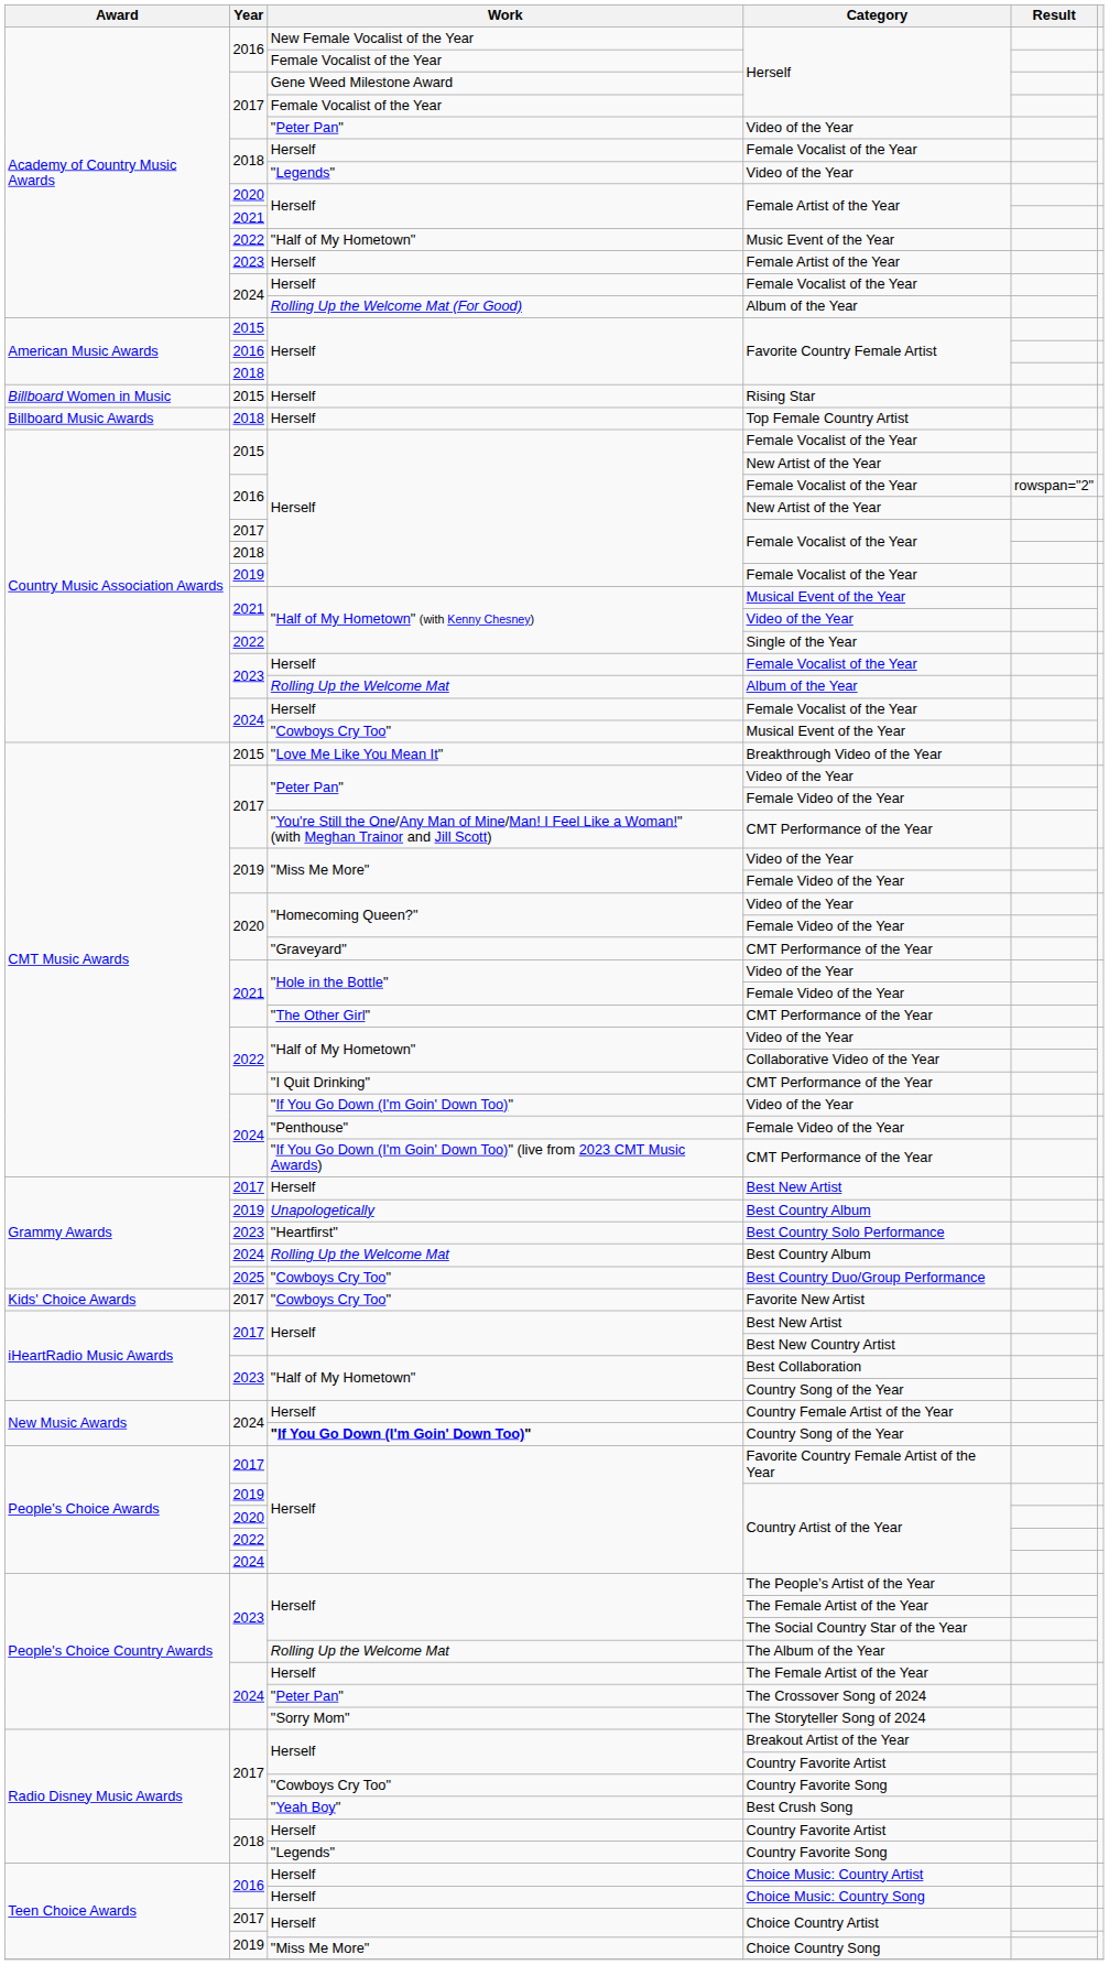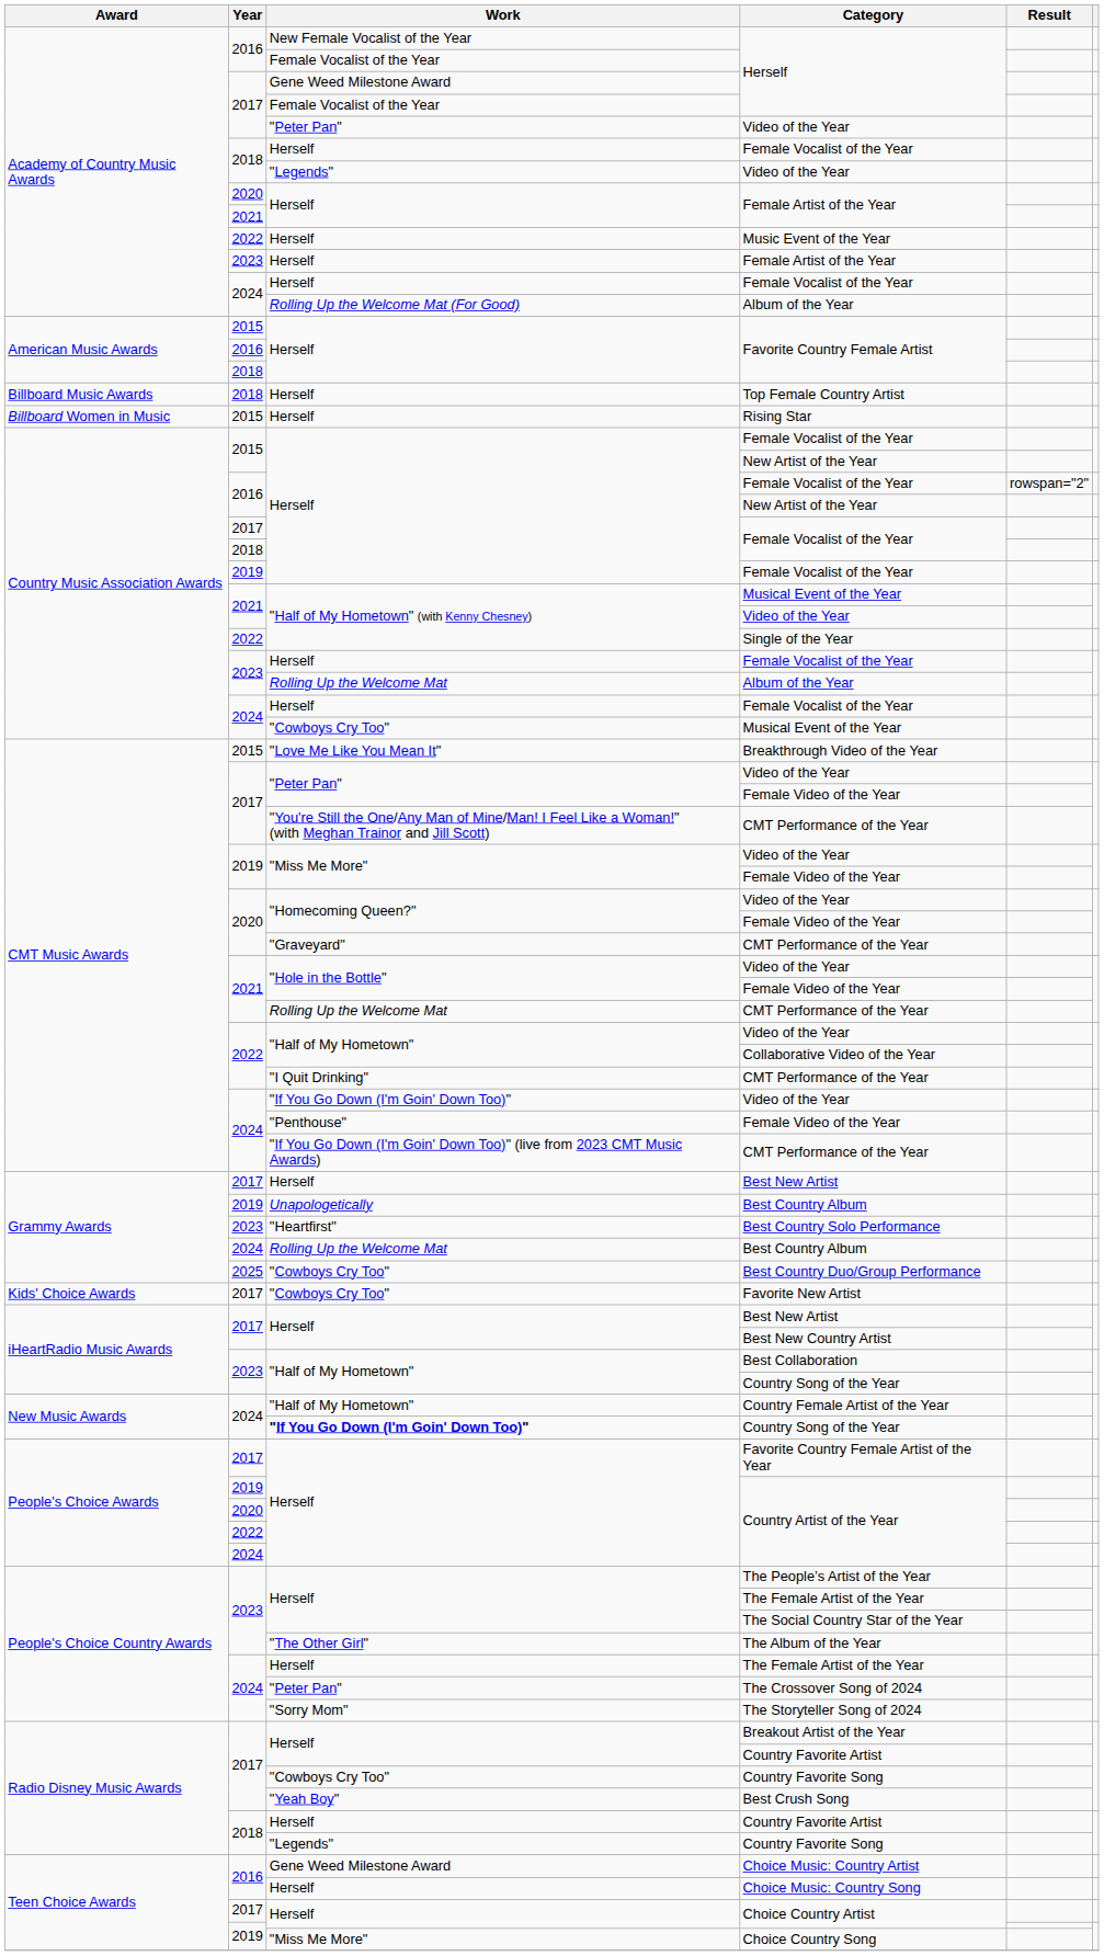 <table class="wikitable sortable">
 <tr>
 <th scope="col">Award</th>
 <th scope="col">Year</th>
 <th scope="col">Work</th>
 <th scope="col">Category</th>
 <th scope="col">Result</th>
 <th scope="col"></th>
 </tr>
 <tr>
 <td rowspan="13"><a href='#'>Academy of Country Music Awards</a></td>
 <td rowspan="2">2016</td>
 <td>New Female Vocalist of the Year</td>
 <td rowspan="4">Herself</td>
 <td></td>
 <td></td>
 </tr>
 <tr>
 <td>Female Vocalist of the Year</td>
 <td></td>
 <td></td>
 </tr>
 <tr>
 <td rowspan=3>2017</td>
 <td>Gene Weed Milestone Award</td>
 <td></td>
 <td></td>
 </tr>
 <tr>
 <td>Female Vocalist of the Year</td>
 <td></td>
 <td rowspan=2></td>
 </tr>
 <tr>
 <td>"<a href='#'>Peter Pan</a>"</td>
 <td>Video of the Year</td>
 <td></td>
 </tr>
 <tr>
 <td rowspan="2">2018</td>
 <td>Herself</td>
 <td>Female Vocalist of the Year</td>
 <td></td>
 <td rowspan="2"></td>
 </tr>
 <tr>
 <td>"<a href='#'>Legends</a>"</td>
 <td>Video of the Year</td>
 <td></td>
 </tr>
 <tr>
 <td><a href='#'>2020</a></td>
 <td rowspan="2">Herself</td>
 <td rowspan="2">Female Artist of the Year</td>
 <td></td>
 <td></td>
 </tr>
 <tr>
 <td><a href='#'>2021</a></td>
 <td></td>
 <td></td>
 </tr>
 <tr>
 <td><a href='#'>2022</a></td>
-<td>"Half of My Hometown" </td>
+<td>Herself</td>
 <td>Music Event of the Year</td>
 <td></td>
 <td></td>
 </tr>
 <tr>
 <td><a href='#'>2023</a></td>
 <td>Herself</td>
 <td>Female Artist of the Year</td>
 <td></td>
 <td></td>
 </tr>
 <tr>
 <td rowspan="2">2024</td>
 <td>Herself</td>
 <td>Female Vocalist of the Year</td>
 <td></td>
 <td rowspan="2"></td>
 </tr>
 <tr>
 <td><em><a href='#'>Rolling Up the Welcome Mat (For Good)</a></em></td>
 <td>Album of the Year</td>
 <td></td>
 </tr>
 <tr>
 <td rowspan="3"><a href='#'>American Music Awards</a></td>
 <td><a href='#'>2015</a></td>
 <td rowspan="3">Herself</td>
 <td rowspan="3">Favorite Country Female Artist</td>
 <td></td>
 <td></td>
 </tr>
 <tr>
 <td><a href='#'>2016</a></td>
 <td></td>
 <td></td>
 </tr>
 <tr>
 <td><a href='#'>2018</a></td>
 <td></td>
 <td></td>
 </tr>
 <tr>
+<td><a href='#'>Billboard Music Awards</a></td>
+<td><a href='#'>2018</a></td>
+<td>Herself</td>
+<td>Top Female Country Artist</td>
+<td></td>
+<td></td>
+</tr>
+<tr>
 <td><a href='#'><em>Billboard</em> Women in Music</a></td>
 <td>2015</td>
 <td>Herself</td>
 <td>Rising Star</td>
-<td></td>
-<td></td>
-</tr>
-<tr>
-<td><a href='#'>Billboard Music Awards</a></td>
-<td><a href='#'>2018</a></td>
-<td>Herself</td>
-<td>Top Female Country Artist</td>
 <td></td>
 <td></td>
 </tr>
 <tr>
 <td rowspan="14"><a href='#'>Country Music Association Awards</a></td>
 <td rowspan="2">2015</td>
 <td rowspan="7">Herself</td>
 <td>Female Vocalist of the Year</td>
 <td></td>
 <td rowspan="2"></td>
 </tr>
 <tr>
 <td>New Artist of the Year</td>
 <td></td>
 </tr>
 <tr>
 <td rowspan="2">2016</td>
 <td>Female Vocalist of the Year</td>
 <td>rowspan="2" </td>
 <td></td>
 </tr>
 <tr>
 <td>New Artist of the Year</td>
 <td></td>
 </tr>
 <tr>
 <td>2017</td>
 <td rowspan="2">Female Vocalist of the Year</td>
 <td></td>
 <td></td>
 </tr>
 <tr>
 <td>2018</td>
 <td></td>
 <td></td>
 </tr>
 <tr>
 <td><a href='#'>2019</a></td>
 <td>Female Vocalist of the Year</td>
 <td></td>
 <td></td>
 </tr>
 <tr>
 <td rowspan="2"><a href='#'>2021</a></td>
 <td rowspan="3">"<a href='#'>Half of My Hometown</a>" <small>(with <a href='#'>Kenny Chesney</a>)</small></td>
 <td><a href='#'>Musical Event of the Year</a></td>
 <td></td>
 <td rowspan="2"></td>
 </tr>
 <tr>
 <td><a href='#'>Video of the Year</a></td>
 <td></td>
 </tr>
 <tr>
 <td rowspan="1"><a href='#'>2022</a></td>
 <td>Single of the Year</td>
 <td></td>
 <td></td>
 </tr>
 <tr>
 <td rowspan=2><a href='#'>2023</a></td>
 <td>Herself</td>
 <td><a href='#'>Female Vocalist of the Year</a></td>
 <td></td>
 <td rowspan=2></td>
 </tr>
 <tr>
 <td><em><a href='#'>Rolling Up the Welcome Mat</a></em></td>
 <td><a href='#'>Album of the Year</a></td>
 <td></td>
 </tr>
 <tr>
 <td rowspan="2"><a href='#'>2024</a></td>
 <td>Herself</td>
 <td>Female Vocalist of the Year</td>
 <td></td>
 <td rowspan="2"></td>
 </tr>
 <tr>
 <td>"<a href='#'>Cowboys Cry Too</a>"</td>
 <td>Musical Event of the Year</td>
 <td></td>
 </tr>
 <tr>
 <td rowspan=18><a href='#'>CMT Music Awards</a></td>
 <td>2015</td>
 <td>"<a href='#'>Love Me Like You Mean It</a>"</td>
 <td>Breakthrough Video of the Year</td>
 <td></td>
 <td></td>
 </tr>
 <tr>
 <td rowspan=3>2017</td>
 <td rowspan=2>"<a href='#'>Peter Pan</a>"</td>
 <td>Video of the Year</td>
 <td></td>
 <td rowspan=3></td>
 </tr>
 <tr>
 <td>Female Video of the Year</td>
 <td></td>
 </tr>
 <tr>
 <td>"<a href='#'>You're Still the One</a>/<a href='#'>Any Man of Mine</a>/<a href='#'>Man! I Feel Like a Woman!</a>" <br><span>(with <a href='#'>Meghan Trainor</a> and <a href='#'>Jill Scott</a>)</span></td>
 <td>CMT Performance of the Year</td>
 <td></td>
 </tr>
 <tr>
 <td rowspan="2">2019</td>
 <td rowspan="2">"Miss Me More"</td>
 <td>Video of the Year</td>
 <td></td>
 <td rowspan="2"></td>
 </tr>
 <tr>
 <td>Female Video of the Year</td>
 <td></td>
 </tr>
 <tr>
 <td rowspan="3">2020</td>
 <td rowspan="2">"Homecoming Queen?"</td>
 <td>Video of the Year</td>
 <td></td>
 <td rowspan="3"></td>
 </tr>
 <tr>
 <td>Female Video of the Year</td>
 <td></td>
 </tr>
 <tr>
 <td>"Graveyard"</td>
 <td>CMT Performance of the Year</td>
 <td></td>
 </tr>
 <tr>
 <td rowspan="3"><a href='#'>2021</a></td>
 <td rowspan="2">"<a href='#'>Hole in the Bottle</a>"</td>
 <td>Video of the Year</td>
 <td></td>
 <td rowspan="3"></td>
 </tr>
 <tr>
 <td>Female Video of the Year</td>
 <td></td>
 </tr>
 <tr>
-<td>"<a href='#'>The Other Girl</a>" </td>
+<td><em>Rolling Up the Welcome Mat</em></td>
 <td>CMT Performance of the Year</td>
 <td></td>
 </tr>
 <tr>
 <td rowspan="3"><a href='#'>2022</a></td>
 <td rowspan="2">"Half of My Hometown" </td>
 <td>Video of the Year</td>
 <td></td>
 <td rowspan="3"></td>
 </tr>
 <tr>
 <td>Collaborative Video of the Year</td>
 <td></td>
 </tr>
 <tr>
 <td>"I Quit Drinking" </td>
 <td>CMT Performance of the Year</td>
 <td></td>
 </tr>
 <tr>
 <td rowspan="3"><a href='#'>2024</a></td>
 <td>"<a href='#'>If You Go Down (I'm Goin' Down Too)</a>"</td>
 <td>Video of the Year</td>
 <td></td>
 <td></td>
 </tr>
 <tr>
 <td>"Penthouse"</td>
 <td>Female Video of the Year</td>
 <td></td>
 </tr>
 <tr>
 <td>"<a href='#'>If You Go Down (I'm Goin' Down Too)</a>" (live from <a href='#'>2023 CMT Music Awards</a>)</td>
 <td>CMT Performance of the Year</td>
 <td></td>
 </tr>
 <tr>
 <td rowspan=5><a href='#'>Grammy Awards</a></td>
 <td><a href='#'>2017</a></td>
 <td>Herself</td>
 <td><a href='#'>Best New Artist</a></td>
 <td></td>
 <td></td>
 </tr>
 <tr>
 <td><a href='#'>2019</a></td>
 <td><em><a href='#'>Unapologetically</a></em></td>
 <td><a href='#'>Best Country Album</a></td>
 <td></td>
 <td></td>
 </tr>
 <tr>
 <td><a href='#'>2023</a></td>
 <td>"Heartfirst"</td>
 <td><a href='#'>Best Country Solo Performance</a></td>
 <td></td>
 <td></td>
 </tr>
 <tr>
 <td><a href='#'>2024</a></td>
 <td><em><a href='#'>Rolling Up the Welcome Mat</a></em></td>
 <td>Best Country Album</td>
 <td></td>
 <td></td>
 </tr>
 <tr>
 <td><a href='#'>2025</a></td>
 <td>"<a href='#'>Cowboys Cry Too</a>" </td>
 <td><a href='#'>Best Country Duo/Group Performance</a></td>
 <td></td>
 <td></td>
 </tr>
 <tr>
 <td><a href='#'>Kids' Choice Awards</a></td>
 <td>2017</td>
 <td>"<a href='#'>Cowboys Cry Too</a>"</td>
 <td>Favorite New Artist</td>
 <td></td>
 <td></td>
 </tr>
 <tr>
 <td rowspan=4><a href='#'>iHeartRadio Music Awards</a></td>
 <td rowspan=2><a href='#'>2017</a></td>
 <td rowspan=2>Herself</td>
 <td>Best New Artist</td>
 <td></td>
 <td rowspan=2></td>
 </tr>
 <tr>
 <td>Best New Country Artist</td>
 <td></td>
 </tr>
 <tr>
 <td rowspan=2><a href='#'>2023</a></td>
 <td rowspan=2>"Half of My Hometown" </td>
 <td>Best Collaboration</td>
 <td></td>
 <td rowspan=2></td>
 </tr>
 <tr>
 <td>Country Song of the Year</td>
 <td></td>
 </tr>
 <tr>
 <td rowspan="2"><a href='#'>New Music Awards</a></td>
 <td rowspan="2">2024</td>
-<td>Herself</td>
+<td>"Half of My Hometown" </td>
 <td>Country Female Artist of the Year</td>
 <td></td>
 <td rowspan="2"></td>
 </tr>
 <tr>
 <td><strong>"<a href='#'>If You Go Down (I'm Goin' Down Too)</a>"</strong></td>
 <td>Country Song of the Year<br></td>
 <td></td>
 </tr>
 <tr>
 <td rowspan="5"><a href='#'>People's Choice Awards</a></td>
 <td><a href='#'>2017</a></td>
 <td rowspan="5">Herself</td>
 <td>Favorite Country Female Artist of the Year</td>
 <td></td>
 <td></td>
 </tr>
 <tr>
 <td><a href='#'>2019</a></td>
 <td rowspan="4">Country Artist of the Year</td>
 <td></td>
 <td></td>
 </tr>
 <tr>
 <td><a href='#'>2020</a></td>
 <td></td>
 <td></td>
 </tr>
 <tr>
 <td><a href='#'>2022</a></td>
 <td></td>
 <td></td>
 </tr>
 <tr>
 <td><a href='#'>2024</a></td>
 <td></td>
 <td></td>
 </tr>
 <tr>
 <td rowspan="7"><a href='#'>People's Choice Country Awards</a></td>
 <td rowspan="4"><a href='#'>2023</a></td>
 <td rowspan="3">Herself</td>
 <td>The People’s Artist of the Year</td>
 <td></td>
 <td rowspan="4"></td>
 </tr>
 <tr>
 <td>The Female Artist of the Year</td>
 <td></td>
 </tr>
 <tr>
 <td>The Social Country Star of the Year</td>
 <td></td>
 </tr>
 <tr>
-<td><em>Rolling Up the Welcome Mat</em></td>
+<td>"<a href='#'>The Other Girl</a>" </td>
 <td>The Album of the Year</td>
 <td></td>
 </tr>
 <tr>
 <td rowspan="3"><a href='#'>2024</a></td>
 <td>Herself</td>
 <td>The Female Artist of the Year</td>
 <td></td>
 <td rowspan="3"></td>
 </tr>
 <tr>
 <td>"<a href='#'>Peter Pan</a>"</td>
 <td>The Crossover Song of 2024</td>
 <td></td>
 </tr>
 <tr>
 <td>"Sorry Mom"</td>
 <td>The Storyteller Song of 2024</td>
 <td></td>
 </tr>
 <tr>
 <td rowspan="6"><a href='#'>Radio Disney Music Awards</a></td>
 <td rowspan="4">2017</td>
 <td rowspan="2">Herself</td>
 <td>Breakout Artist of the Year</td>
 <td></td>
 <td rowspan="4"></td>
 </tr>
 <tr>
 <td>Country Favorite Artist</td>
 <td></td>
 </tr>
 <tr>
 <td>"Cowboys Cry Too"</td>
 <td>Country Favorite Song</td>
 <td></td>
 </tr>
 <tr>
 <td>"<a href='#'>Yeah Boy</a>"</td>
 <td>Best Crush Song</td>
 <td></td>
 </tr>
 <tr>
 <td rowspan="2">2018</td>
 <td>Herself</td>
 <td>Country Favorite Artist</td>
 <td></td>
 <td rowspan="2"></td>
 </tr>
 <tr>
 <td>"Legends"</td>
 <td>Country Favorite Song</td>
 <td></td>
 </tr>
 <tr>
 <td rowspan="5"><a href='#'>Teen Choice Awards</a></td>
 <td rowspan="2"><a href='#'>2016</a></td>
-<td>Herself</td>
+<td>Gene Weed Milestone Award</td>
 <td><a href='#'>Choice Music: Country Artist</a></td>
 <td></td>
 <td></td>
 </tr>
 <tr>
 <td>Herself</td>
 <td><a href='#'>Choice Music: Country Song</a></td>
 <td></td>
 </tr>
 <tr>
 <td>2017</td>
 <td rowspan="2">Herself</td>
 <td rowspan="2">Choice Country Artist</td>
 <td></td>
 <td></td>
 </tr>
 <tr>
 <td rowspan="2">2019</td>
 <td></td>
 <td rowspan="2"></td>
 </tr>
 <tr>
 <td>"Miss Me More"</td>
 <td>Choice Country Song</td>
 <td></td>
 </tr>
 <tr>
 </tr>
 </table>
